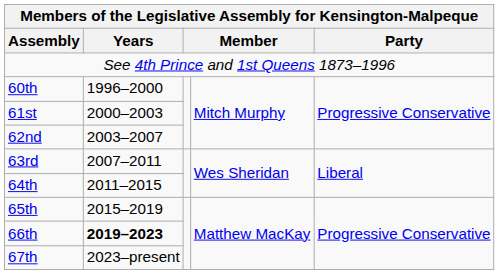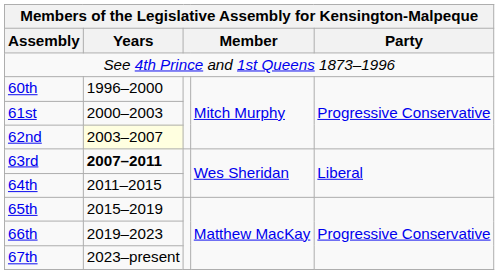 <table class="wikitable" align=centre>
 <tr>
 <th colspan=5>Members of the Legislative Assembly for Kensington-Malpeque</th>
 </tr>
 <tr>
 <th>Assembly</th>
 <th>Years</th>
 <th colspan="2">Member</th>
 <th>Party</th>
 </tr>
 <tr>
 <td align="center" colspan=5><em>See <a href='#'>4th Prince</a> and <a href='#'>1st Queens</a> 1873–1996</em></td>
 </tr>
 <tr>
 <td><a href='#'>60th</a></td>
 <td>1996–2000</td>
 <td rowspan=3 ></td>
 <td rowspan=3><a href='#'>Mitch Murphy</a></td>
 <td rowspan=3><a href='#'>Progressive Conservative</a></td>
 </tr>
 <tr>
 <td><a href='#'>61st</a></td>
 <td>2000–2003</td>
 </tr>
 <tr>
 <td><a href='#'>62nd</a></td>
-<td>2003–2007</td>
+<td style="background: lightyellow;">2003–2007</td>
 </tr>
 <tr>
 <td><a href='#'>63rd</a></td>
-<td>2007–2011</td>
+<td><strong>2007–2011</strong></td>
 <td rowspan=2 ></td>
 <td rowspan=2><a href='#'>Wes Sheridan</a></td>
 <td rowspan=2><a href='#'>Liberal</a></td>
 </tr>
 <tr>
 <td><a href='#'>64th</a></td>
 <td>2011–2015</td>
 </tr>
 <tr>
 <td><a href='#'>65th</a></td>
 <td>2015–2019</td>
 <td rowspan=4 ></td>
 <td rowspan=4><a href='#'>Matthew MacKay</a></td>
 <td rowspan=4><a href='#'>Progressive Conservative</a></td>
 </tr>
 <tr>
 <td><a href='#'>66th</a></td>
-<td><strong>2019–2023</strong></td>
+<td>2019–2023</td>
 </tr>
 <tr>
 <td><a href='#'>67th</a></td>
 <td>2023–present</td>
 </tr>
 </table>
